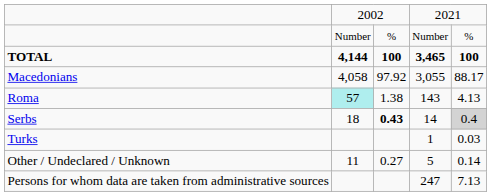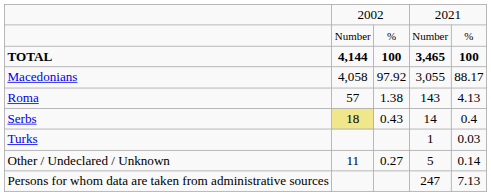 <table class="wikitable">
 <tr>
 <td></td>
 <td colspan="2" align="center">2002</td>
 <td colspan="2" align="center">2021</td>
 </tr>
 <tr>
 <td></td>
 <td align="center"><small>Number</small></td>
 <td align="center"><small>%</small></td>
 <td align="center"><small>Number</small></td>
 <td align="center"><small>%</small></td>
 </tr>
 <tr>
 <td><strong>TOTAL</strong></td>
 <td align="center"><strong>4,144</strong></td>
 <td align="center"><strong>100</strong></td>
 <td align="center"><strong>3,465</strong></td>
 <td align="center"><strong>100</strong></td>
 </tr>
 <tr>
 <td><a href='#'>Macedonians</a></td>
 <td align="center">4,058</td>
 <td align="center">97.92</td>
 <td align="center">3,055</td>
 <td align="center">88.17</td>
 </tr>
 <tr>
 <td><a href='#'>Roma</a></td>
-<td align="center" style="background: paleturquoise;">57</td>
+<td align="center">57</td>
 <td align="center">1.38</td>
 <td align="center">143</td>
 <td align="center">4.13</td>
 </tr>
 <tr>
 <td><a href='#'>Serbs</a></td>
-<td align="center">18</td>
-<td align="center"><strong>0.43</strong></td>
+<td align="center" style="background: khaki;">18</td>
+<td align="center">0.43</td>
 <td align="center">14</td>
-<td align="center" style="background: lightgrey;">0.4</td>
+<td align="center">0.4</td>
 </tr>
 <tr>
 <td><a href='#'>Turks</a></td>
 <td align="center"></td>
 <td align="center"></td>
 <td align="center">1</td>
 <td align="center">0.03</td>
 </tr>
 <tr>
 <td>Other / Undeclared / Unknown</td>
 <td align="center">11</td>
 <td align="center">0.27</td>
 <td align="center">5</td>
 <td align="center">0.14</td>
 </tr>
 <tr>
 <td>Persons for whom data are taken from administrative sources</td>
 <td align="center"></td>
 <td align="center"></td>
 <td align="center">247</td>
 <td align="center">7.13</td>
 </tr>
 </table>
